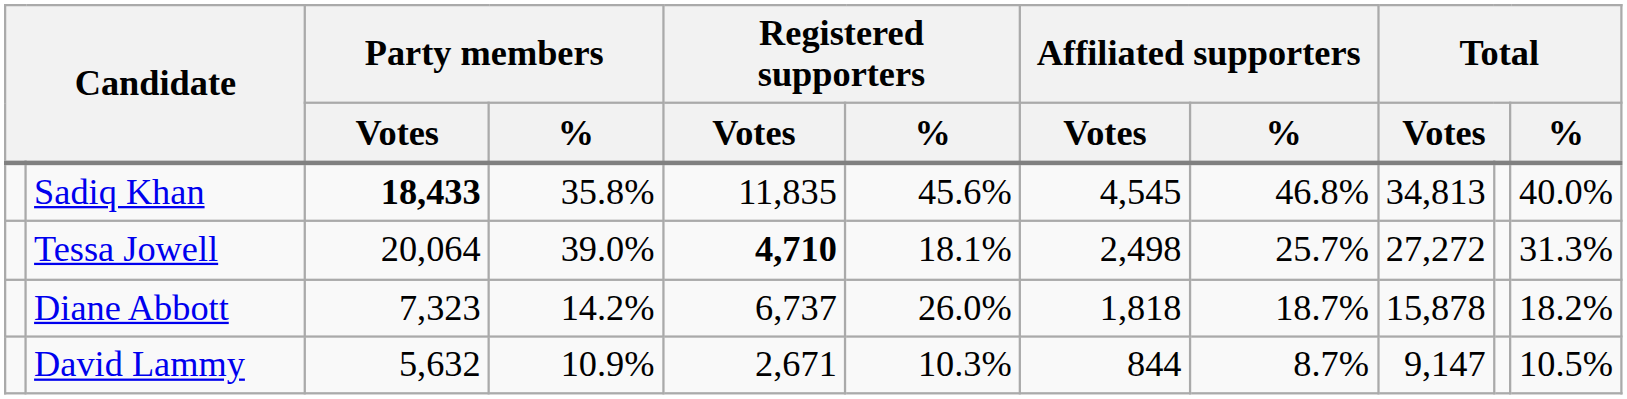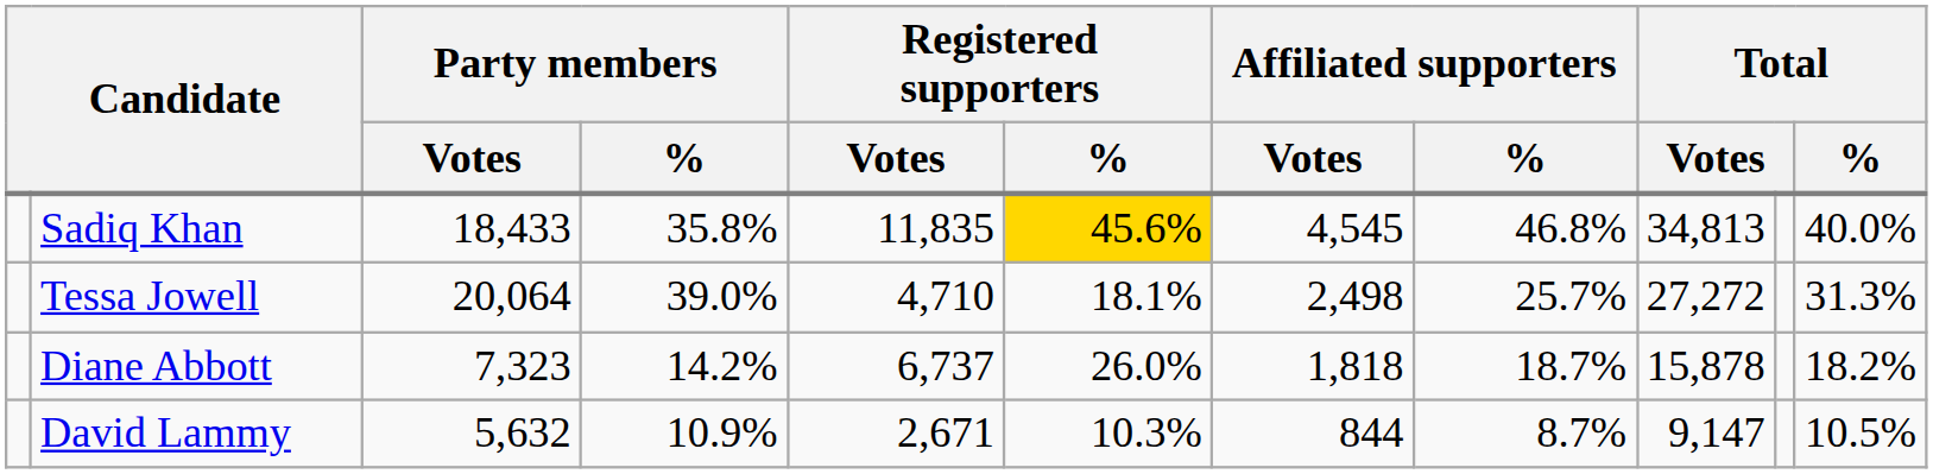 <table class="wikitable">
 <tr>
 <th colspan="2" scope="col" rowspan="2" width="125">Candidate</th>
 <th scope="col" colspan="2" width="150">Party members</th>
 <th scope="col" colspan="2" width="150">Registered supporters</th>
 <th scope="col" colspan="2" width="150">Affiliated supporters</th>
 <th scope="col" colspan="3" width="75">Total</th>
 </tr>
 <tr style="border-bottom: 2px solid gray;">
 <th>Votes</th>
 <th>%</th>
 <th>Votes</th>
 <th>%</th>
 <th>Votes</th>
 <th>%</th>
 <th scope="col" colspan="2">Votes</th>
 <th>%</th>
 </tr>
 <tr align="right">
 <td style="background-color: "></td>
 <td scope="row" align="left"><a href='#'>Sadiq Khan</a></td>
-<td><strong>18,433</strong></td>
+<td>18,433</td>
 <td>35.8%</td>
 <td>11,835</td>
-<td>45.6%</td>
+<td style="background: gold;">45.6%</td>
 <td>4,545</td>
 <td>46.8%</td>
 <td>34,813</td>
 <td align=center></td>
 <td>40.0%</td>
 </tr>
 <tr align="right">
 <td style="background-color: "></td>
 <td scope="row" align="left"><a href='#'>Tessa Jowell</a></td>
 <td>20,064</td>
 <td>39.0%</td>
-<td><strong>4,710</strong></td>
+<td>4,710</td>
 <td>18.1%</td>
 <td>2,498</td>
 <td>25.7%</td>
 <td>27,272</td>
 <td align=center></td>
 <td>31.3%</td>
 </tr>
 <tr align="right">
 <td style="background-color: "></td>
 <td scope="row" align="left"><a href='#'>Diane Abbott</a></td>
 <td>7,323</td>
 <td>14.2%</td>
 <td>6,737</td>
 <td>26.0%</td>
 <td>1,818</td>
 <td>18.7%</td>
 <td>15,878</td>
 <td align=center></td>
 <td>18.2%</td>
 </tr>
 <tr align="right">
 <td style="background-color: "></td>
 <td scope="row" align="left"><a href='#'>David Lammy</a></td>
 <td>5,632</td>
 <td>10.9%</td>
 <td>2,671</td>
 <td>10.3%</td>
 <td>844</td>
 <td>8.7%</td>
 <td>9,147</td>
 <td align=center></td>
 <td>10.5%</td>
 </tr>
 </table>
